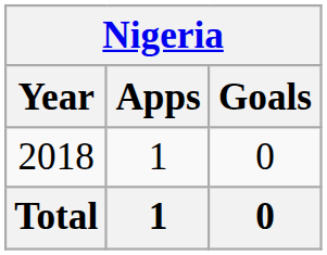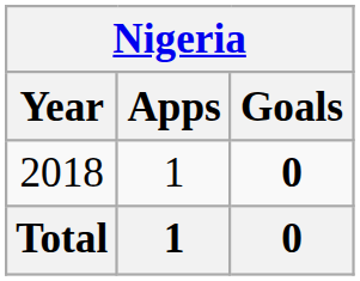 <table class="wikitable" style="text-align:center">
 <tr>
 <th colspan=3><a href='#'>Nigeria</a></th>
 </tr>
 <tr>
 <th>Year</th>
 <th>Apps</th>
 <th>Goals</th>
 </tr>
 <tr>
 <td>2018</td>
 <td>1</td>
-<td>0</td>
+<td><strong>0</strong></td>
 </tr>
 <tr>
 <th>Total</th>
 <th>1</th>
 <th>0</th>
 </tr>
 </table>
